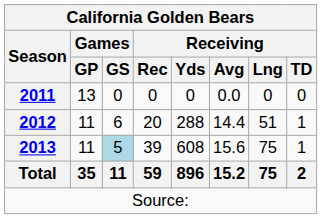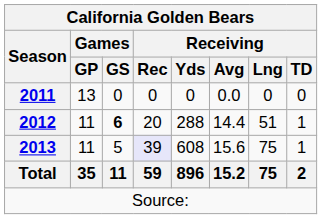 <table class="wikitable" style="text-align: center;">
 <tr>
 <th colspan="15">California Golden Bears</th>
 </tr>
 <tr>
 <th rowspan="2">Season</th>
 <th colspan="2">Games</th>
 <th colspan="5">Receiving</th>
 </tr>
 <tr>
 <th>GP</th>
 <th>GS</th>
 <th>Rec</th>
 <th>Yds</th>
 <th>Avg</th>
 <th>Lng</th>
 <th>TD</th>
 </tr>
 <tr>
 <th><a href='#'>2011</a></th>
 <td>13</td>
 <td>0</td>
 <td>0</td>
 <td>0</td>
 <td>0.0</td>
 <td>0</td>
 <td>0</td>
 </tr>
 <tr>
 <th><a href='#'>2012</a></th>
 <td>11</td>
-<td>6</td>
+<td><strong>6</strong></td>
 <td>20</td>
 <td>288</td>
 <td>14.4</td>
 <td>51</td>
 <td>1</td>
 </tr>
 <tr>
 <th><a href='#'>2013</a></th>
 <td>11</td>
-<td style="background: lightblue;">5</td>
-<td>39</td>
+<td>5</td>
+<td style="background: lavender;">39</td>
 <td>608</td>
 <td>15.6</td>
 <td>75</td>
 <td>1</td>
 </tr>
 <tr>
 <th>Total</th>
 <th>35</th>
 <th>11</th>
 <th>59</th>
 <th>896</th>
 <th>15.2</th>
 <th>75</th>
 <th>2</th>
 </tr>
 <tr>
 <td colspan="8">Source: </td>
 </tr>
 </table>
